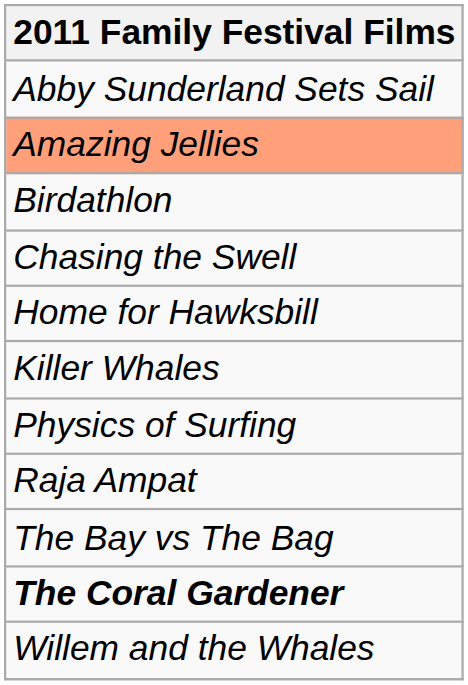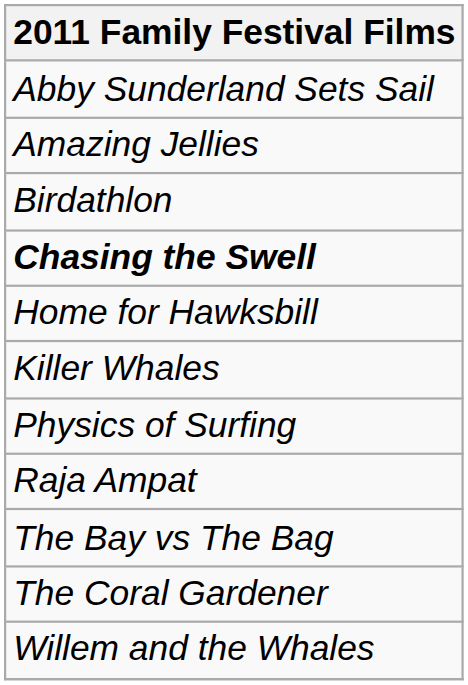 <table class="wikitable">
 <tr>
 <th><strong>2011 Family Festival Films</strong></th>
 </tr>
 <tr>
 <td><em>Abby Sunderland Sets Sail</em></td>
 </tr>
 <tr>
-<td style="background: lightsalmon;"><em>Amazing Jellies</em></td>
+<td><em>Amazing Jellies</em></td>
 </tr>
 <tr>
 <td><em>Birdathlon</em></td>
 </tr>
 <tr>
-<td><em>Chasing the Swell</em></td>
+<td><strong><em>Chasing the Swell</em></strong></td>
 </tr>
 <tr>
 <td><em>Home for Hawksbill</em></td>
 </tr>
 <tr>
 <td><em>Killer Whales</em></td>
 </tr>
 <tr>
 <td><em>Physics of Surfing</em></td>
 </tr>
 <tr>
 <td><em>Raja Ampat</em></td>
 </tr>
 <tr>
 <td><em>The Bay vs The Bag</em></td>
 </tr>
 <tr>
-<td><strong><em>The Coral Gardener</em></strong></td>
+<td><em>The Coral Gardener</em></td>
 </tr>
 <tr>
 <td><em>Willem and the Whales</em></td>
 </tr>
 <tr>
 </tr>
 </table>
